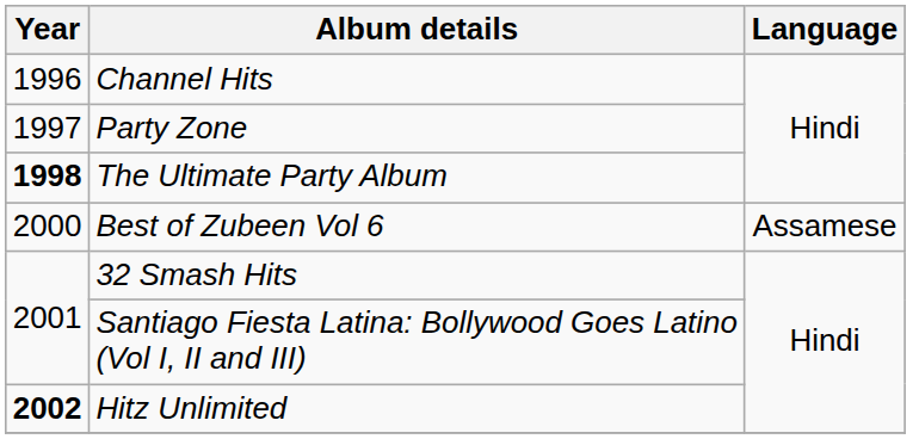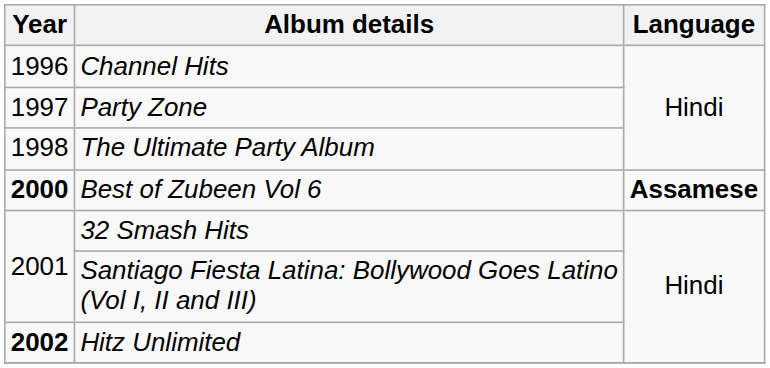 <table class="wikitable" style="text-align:center;">
 <tr>
 <th>Year</th>
 <th>Album details</th>
 <th>Language</th>
 </tr>
 <tr>
 <td>1996</td>
 <td style="text-align:left;"><em>Channel Hits</em></td>
 <td rowspan="3">Hindi</td>
 </tr>
 <tr>
 <td>1997</td>
 <td style="text-align:left;"><em>Party Zone</em></td>
 </tr>
 <tr>
-<td><strong>1998</strong></td>
+<td>1998</td>
 <td style="text-align:left;"><em>The Ultimate Party Album</em></td>
 </tr>
 <tr>
-<td>2000</td>
+<td><strong>2000</strong></td>
 <td style="text-align:left;"><em>Best of Zubeen Vol 6</em></td>
-<td>Assamese</td>
+<td><strong>Assamese</strong></td>
 </tr>
 <tr>
 <td rowspan="2">2001</td>
 <td style="text-align:left;"><em>32 Smash Hits</em></td>
 <td rowspan="3">Hindi</td>
 </tr>
 <tr>
 <td style="text-align:left;"><em>Santiago Fiesta Latina: Bollywood Goes Latino <br> (Vol I, II and III)</em></td>
 </tr>
 <tr>
 <td><strong>2002</strong></td>
 <td style="text-align:left;"><em>Hitz Unlimited</em></td>
 </tr>
 <tr>
 </tr>
 </table>
